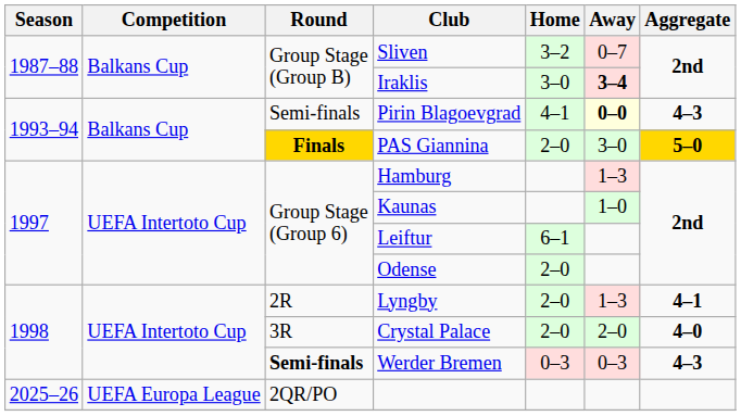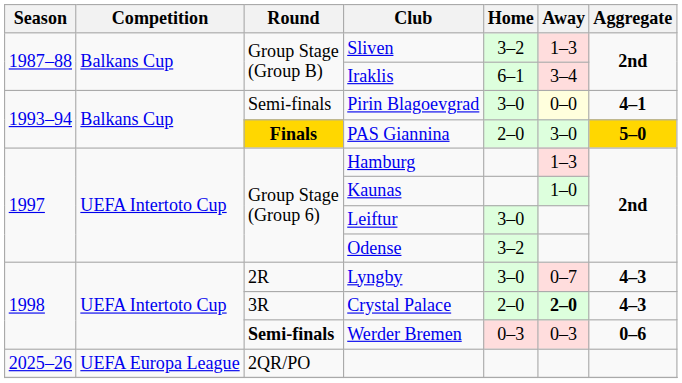 <table class="wikitable">
 <tr>
 <th>Season</th>
 <th>Competition</th>
 <th>Round</th>
 <th>Club</th>
 <th>Home</th>
 <th>Away</th>
 <th>Aggregate</th>
 </tr>
 <tr>
 <td rowspan="2"><a href='#'>1987–88</a></td>
 <td rowspan="2"><a href='#'>Balkans Cup</a></td>
 <td rowspan="2">Group Stage<br>(Group B)</td>
 <td> <a href='#'>Sliven</a></td>
 <td style="text-align:center; background:#dfd;">3–2</td>
-<td style="text-align:center; background:#fdd;">0–7</td>
+<td style="text-align:center; background:#fdd;">1–3</td>
 <td style="text-align:center;" rowspan=2><strong>2nd</strong></td>
 </tr>
 <tr>
 <td> <a href='#'>Iraklis</a></td>
-<td style="text-align:center; background:#dfd;">3–0</td>
-<td style="text-align:center; background:#fdd;"><strong>3–4</strong></td>
+<td style="text-align:center; background:#dfd;">6–1</td>
+<td style="text-align:center; background:#fdd;">3–4</td>
 </tr>
 <tr>
 <td rowspan="2"><a href='#'>1993–94</a></td>
 <td rowspan="2"><a href='#'>Balkans Cup</a></td>
 <td>Semi-finals</td>
 <td> <a href='#'>Pirin Blagoevgrad</a></td>
-<td style="text-align:center; background:#dfd;">4–1</td>
-<td style="text-align:center; background:#ffd;"><strong>0–0</strong></td>
-<td style="text-align:center;"><strong>4–3</strong></td>
+<td style="text-align:center; background:#dfd;">3–0</td>
+<td style="text-align:center; background:#ffd;">0–0</td>
+<td style="text-align:center;"><strong>4–1</strong></td>
 </tr>
 <tr>
 <td style="text-align:center; background:gold;"><strong>Finals</strong></td>
 <td> <a href='#'>PAS Giannina</a></td>
 <td style="text-align:center; background:#dfd;">2–0</td>
 <td style="text-align:center; background:#dfd;">3–0</td>
 <td style="text-align:center; background:gold;"><strong>5–0</strong></td>
 </tr>
 <tr>
 <td rowspan="4"><a href='#'>1997</a></td>
 <td rowspan="4"><a href='#'>UEFA Intertoto Cup</a></td>
 <td rowspan="4">Group Stage<br>(Group 6)</td>
 <td> <a href='#'>Hamburg</a></td>
 <td></td>
 <td style="text-align:center; background:#fdd;">1–3</td>
 <td style="text-align:center;" rowspan=4><strong>2nd</strong></td>
 </tr>
 <tr>
 <td> <a href='#'>Kaunas</a></td>
 <td></td>
 <td style="text-align:center; background:#dfd;">1–0</td>
 </tr>
 <tr>
 <td> <a href='#'>Leiftur</a></td>
-<td style="text-align:center; background:#dfd;">6–1</td>
+<td style="text-align:center; background:#dfd;">3–0</td>
 <td></td>
 </tr>
 <tr>
 <td> <a href='#'>Odense</a></td>
-<td style="text-align:center; background:#dfd;">2–0</td>
+<td style="text-align:center; background:#dfd;">3–2</td>
 <td></td>
 </tr>
 <tr>
 <td rowspan="3"><a href='#'>1998</a></td>
 <td rowspan="3"><a href='#'>UEFA Intertoto Cup</a></td>
 <td>2R</td>
 <td> <a href='#'>Lyngby</a></td>
-<td style="text-align:center; background:#dfd;">2–0</td>
-<td style="text-align:center; background:#fdd;">1–3</td>
-<td style="text-align:center;"><strong>4–1</strong></td>
+<td style="text-align:center; background:#dfd;">3–0</td>
+<td style="text-align:center; background:#fdd;">0–7</td>
+<td style="text-align:center;"><strong>4–3</strong></td>
 </tr>
 <tr>
 <td>3R</td>
 <td> <a href='#'>Crystal Palace</a></td>
 <td style="text-align:center; background:#dfd;">2–0</td>
-<td style="text-align:center; background:#dfd;">2–0</td>
-<td style="text-align:center;"><strong>4–0</strong></td>
+<td style="text-align:center; background:#dfd;"><strong>2–0</strong></td>
+<td style="text-align:center;"><strong>4–3</strong></td>
 </tr>
 <tr>
 <td><strong>Semi-finals</strong></td>
 <td> <a href='#'>Werder Bremen</a></td>
 <td style="text-align:center; background:#fdd;">0–3</td>
 <td style="text-align:center; background:#fdd;">0–3</td>
-<td style="text-align:center;"><strong>4–3</strong></td>
+<td style="text-align:center;"><strong>0–6</strong></td>
 </tr>
 <tr>
 <td rowspan="1"><a href='#'>2025–26</a></td>
 <td rowspan="1"><a href='#'>UEFA Europa League</a></td>
 <td>2QR/PO</td>
 <td></td>
 <td></td>
 <td></td>
 <td></td>
 </tr>
 <tr>
 </tr>
 </table>
